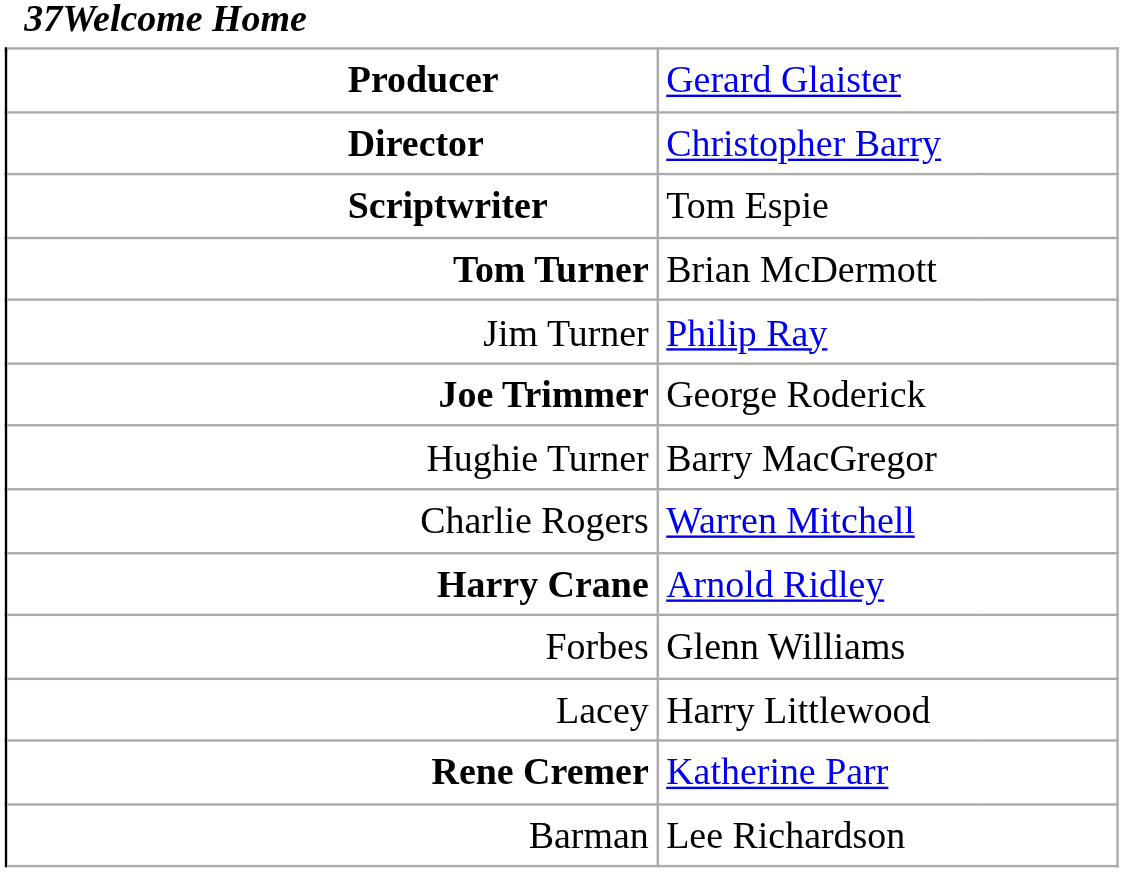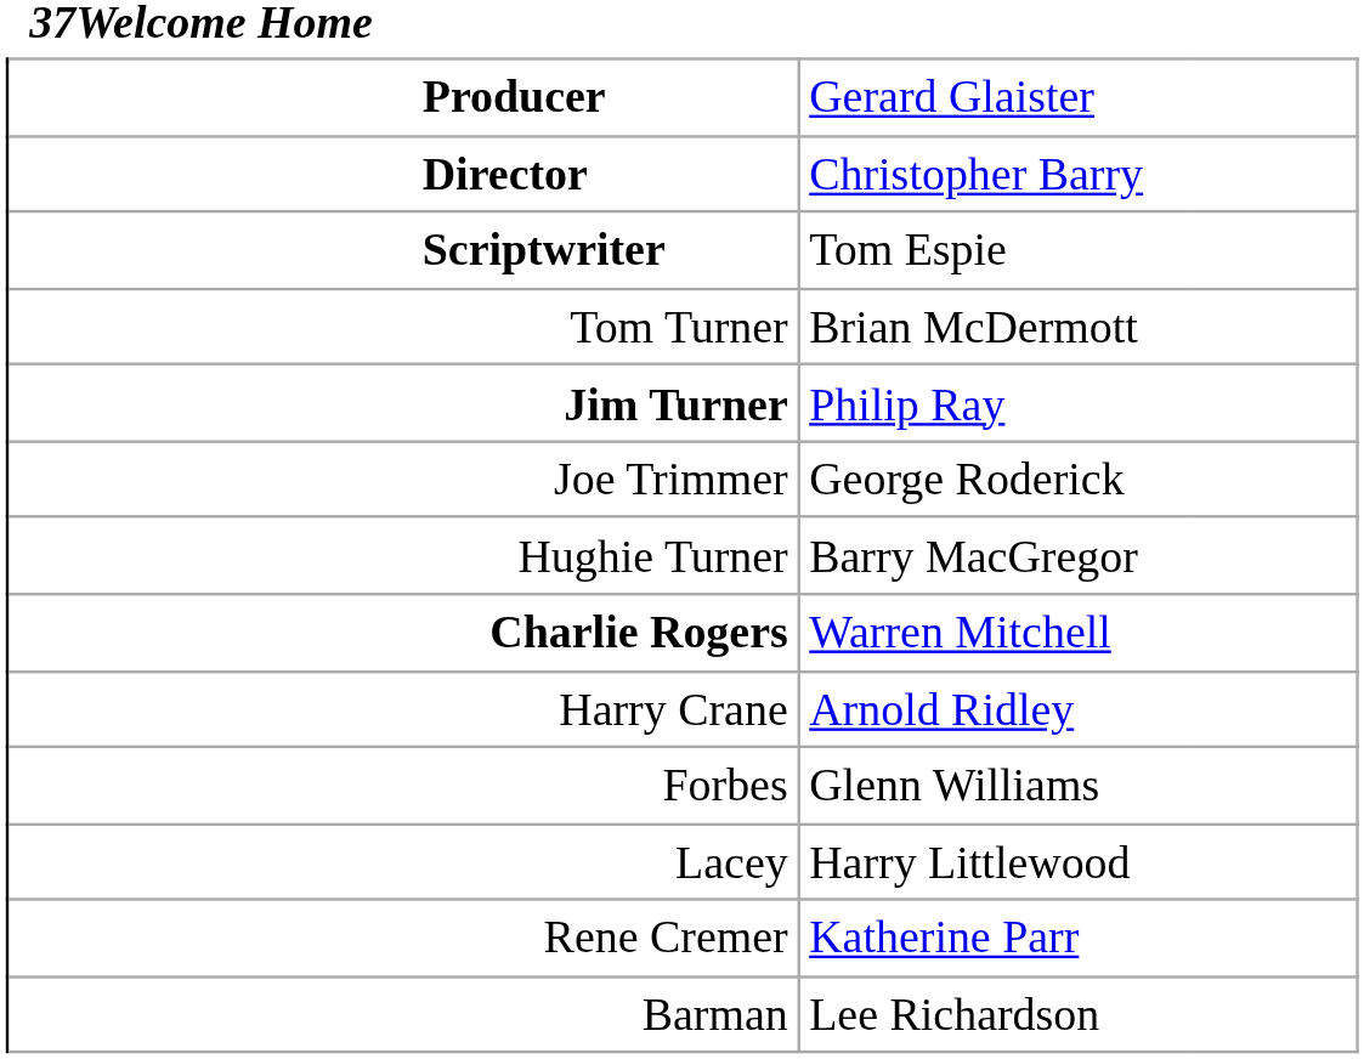 <table class="wikitable mw-collapsible mw-collapsed" style="vertical-align:top;margin:auto 2em;line-height:1.2;min-width:33em;display: inline-table;background-color:inherit;border:none;">
 <tr>
 <td class=unsortable style="border:hidden;line-height:1.67;text-align:center;margin-left:-1em;padding-left:0.5em;min-width:1.0em;"></td>
 <td class=unsortable style="border:none;padding-left:0.5em;text-align:left;min-width:16.5em;font-weight:700;font-style:italic;">37Welcome Home</td>
 <td class=unsortable style="border:none;text-align:right;font-weight:normal;font-family:Courier;font-size:95%;letter-spacing:-1pt;min-width:8.5em;padding-right:0.2em;"></td>
 <td class=unsortable style="border:hidden;min-width:3.5em;padding-left:0;"></td>
 <td class=unsortable style="border:hidden;min-width:3.5em;font-size:95%;"></td>
 </tr>
 <tr>
 <td rowspan=100 style="border:none thin;border-right-style :solid;"></td>
 </tr>
 <tr>
 <td style="text-align:left;padding-left:9.0em;font-weight:bold;">Producer</td>
 <td colspan=2><a href='#'>Gerard Glaister</a></td>
 </tr>
 <tr>
 <td style="text-align:left;padding-left:9.0em;font-weight:bold;">Director</td>
 <td colspan=2><a href='#'>Christopher Barry</a></td>
 </tr>
 <tr>
 <td style="text-align:left;padding-left:9.0em;font-weight:bold;">Scriptwriter</td>
 <td colspan=2>Tom Espie</td>
 </tr>
 <tr>
-<td style="text-align:right;"><strong>Tom Turner</strong></td>
+<td style="text-align:right;">Tom Turner</td>
 <td colspan=2>Brian McDermott</td>
 </tr>
 <tr>
-<td style="text-align:right;">Jim Turner</td>
+<td style="text-align:right;"><strong>Jim Turner</strong></td>
 <td colspan=2><a href='#'>Philip Ray</a></td>
 </tr>
 <tr>
-<td style="text-align:right;"><strong>Joe Trimmer</strong></td>
+<td style="text-align:right;">Joe Trimmer</td>
 <td colspan=2>George Roderick</td>
 </tr>
 <tr>
 <td style="text-align:right;">Hughie Turner</td>
 <td colspan=2>Barry MacGregor</td>
 </tr>
 <tr>
-<td style="text-align:right;">Charlie Rogers</td>
+<td style="text-align:right;"><strong>Charlie Rogers</strong></td>
 <td colspan=2><a href='#'>Warren Mitchell</a></td>
 </tr>
 <tr>
-<td style="text-align:right;"><strong>Harry Crane</strong></td>
+<td style="text-align:right;">Harry Crane</td>
 <td colspan=2><a href='#'>Arnold Ridley</a></td>
 </tr>
 <tr>
 <td style="text-align:right;">Forbes</td>
 <td colspan=2>Glenn Williams</td>
 </tr>
 <tr>
 <td style="text-align:right;">Lacey</td>
 <td colspan=2>Harry Littlewood</td>
 </tr>
 <tr>
-<td style="text-align:right;"><strong>Rene Cremer</strong></td>
+<td style="text-align:right;">Rene Cremer</td>
 <td colspan=2><a href='#'>Katherine Parr</a></td>
 </tr>
 <tr>
 <td style="text-align:right;">Barman</td>
 <td colspan=2>Lee Richardson</td>
 </tr>
 </table>
